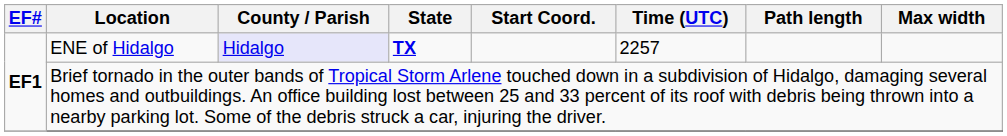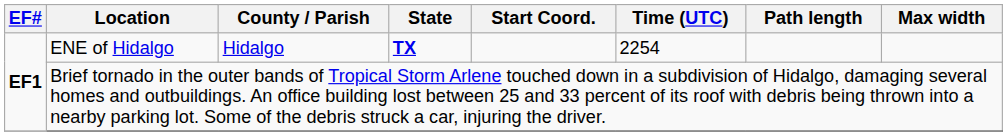 <table class="wikitable sortable" style="width:100%;">
 <tr>
 <th scope="col" width="2%" align="center"><a href='#'>EF#</a></th>
 <th scope="col" align="center" class="unsortable">Location</th>
 <th scope="col" align="center" class="unsortable">County / Parish</th>
 <th scope="col" align="center">State</th>
 <th scope="col" align="center" data-sort-type="number">Start Coord.</th>
 <th scope="col" align="center" data-sort-type="number">Time (<a href='#'>UTC</a>)</th>
 <th scope="col" align="center" data-sort-type="number">Path length</th>
 <th scope="col" align="center" data-sort-type="number">Max width</th>
 </tr>
 <tr>
 <td rowspan="2" align="center"><strong>EF1</strong></td>
 <td>ENE of <a href='#'>Hidalgo</a></td>
-<td style="background: lavender;"><a href='#'>Hidalgo</a></td>
+<td><a href='#'>Hidalgo</a></td>
 <td><strong><a href='#'>TX</a></strong></td>
 <td></td>
-<td>2257</td>
+<td>2254</td>
 <td></td>
 <td></td>
 </tr>
 <tr class="expand-child">
 <td colspan="8" style=" border-bottom: 1px solid black;">Brief tornado in the outer bands of <a href='#'>Tropical Storm Arlene</a> touched down in a subdivision of Hidalgo, damaging several homes and outbuildings. An office building lost between 25 and 33 percent of its roof with debris being thrown into a nearby parking lot. Some of the debris struck a car, injuring the driver.</td>
 </tr>
 <tr>
 </tr>
 </table>
